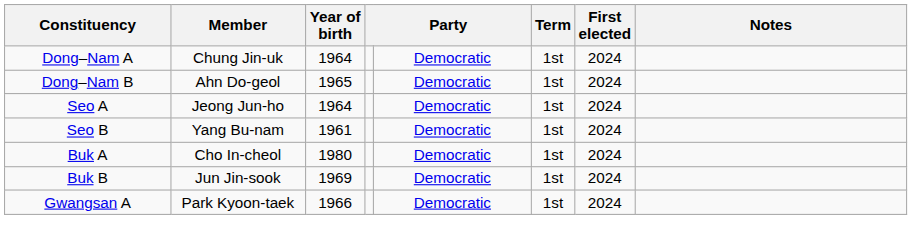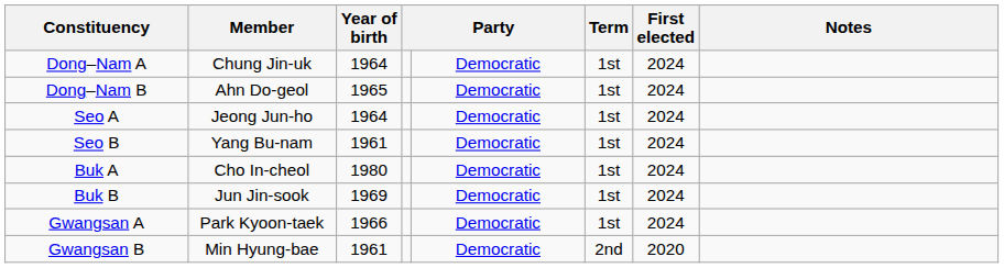 <table class="wikitable sortable" style="font-size:90%; text-align:center">
 <tr>
 <th scope="col" style="width:150px;">Constituency</th>
 <th scope="col" style="width:120px;">Member</th>
 <th scope="col" style="width:50px;">Year of birth</th>
 <th scope="col" style="width:150px;" colspan="2">Party</th>
 <th scope="col" style="width:20px;">Term</th>
 <th scope="col" style="width:50px;">First elected</th>
 <th scope="col" style="width:250px;" class="unsortable">Notes</th>
 </tr>
 <tr>
 <td><a href='#'>Dong</a>–<a href='#'>Nam</a> A</td>
 <td>Chung Jin-uk</td>
 <td>1964</td>
 <td scope="row" width="1" style="background-color:"></td>
 <td><a href='#'>Democratic</a></td>
 <td>1st</td>
 <td>2024</td>
 <td></td>
 </tr>
 <tr>
 <td><a href='#'>Dong</a>–<a href='#'>Nam</a> B</td>
 <td>Ahn Do-geol</td>
 <td>1965</td>
 <td scope="row" style="background-color:"></td>
 <td><a href='#'>Democratic</a></td>
 <td>1st</td>
 <td>2024</td>
 <td></td>
 </tr>
 <tr>
 <td><a href='#'>Seo</a> A</td>
 <td>Jeong Jun-ho</td>
 <td>1964</td>
 <td scope="row" style="background-color:"></td>
 <td><a href='#'>Democratic</a></td>
 <td>1st</td>
 <td>2024</td>
 <td></td>
 </tr>
 <tr>
 <td><a href='#'>Seo</a> B</td>
 <td>Yang Bu-nam</td>
 <td>1961</td>
 <td scope="row" style="background-color:"></td>
 <td><a href='#'>Democratic</a></td>
 <td>1st</td>
 <td>2024</td>
 <td></td>
 </tr>
 <tr>
 <td><a href='#'>Buk</a> A</td>
 <td>Cho In-cheol</td>
 <td>1980</td>
 <td scope="row" style="background-color:"></td>
 <td><a href='#'>Democratic</a></td>
 <td>1st</td>
 <td>2024</td>
 <td></td>
 </tr>
 <tr>
 <td><a href='#'>Buk</a> B</td>
 <td>Jun Jin-sook</td>
 <td>1969</td>
 <td scope="row" style="background-color:"></td>
 <td><a href='#'>Democratic</a></td>
 <td>1st</td>
 <td>2024</td>
 <td></td>
 </tr>
 <tr>
 <td><a href='#'>Gwangsan</a> A</td>
 <td>Park Kyoon-taek</td>
 <td>1966</td>
 <td scope="row" style="background-color:"></td>
 <td><a href='#'>Democratic</a></td>
 <td>1st</td>
 <td>2024</td>
 <td></td>
 </tr>
+<tr>
+<td><a href='#'>Gwangsan</a> B</td>
+<td>Min Hyung-bae</td>
+<td>1961</td>
+<td scope="row" style="background-color:"></td>
+<td><a href='#'>Democratic</a></td>
+<td>2nd</td>
+<td>2020</td>
+<td></td>
+</tr>
 </table>
